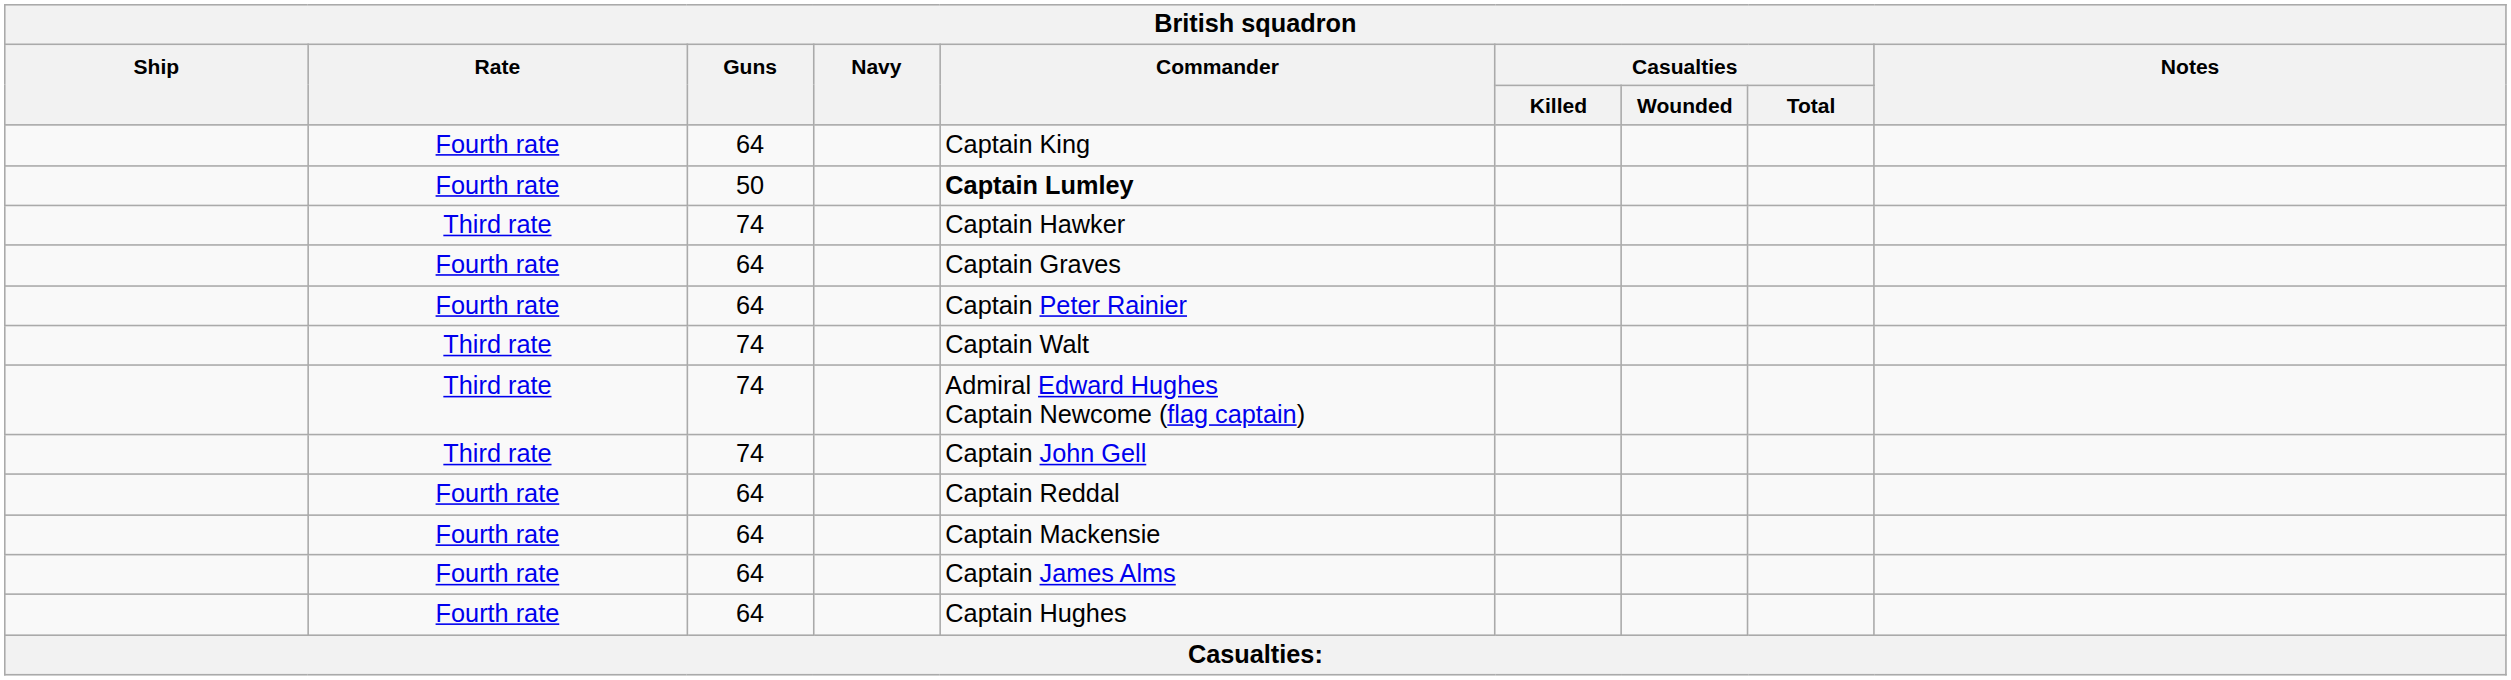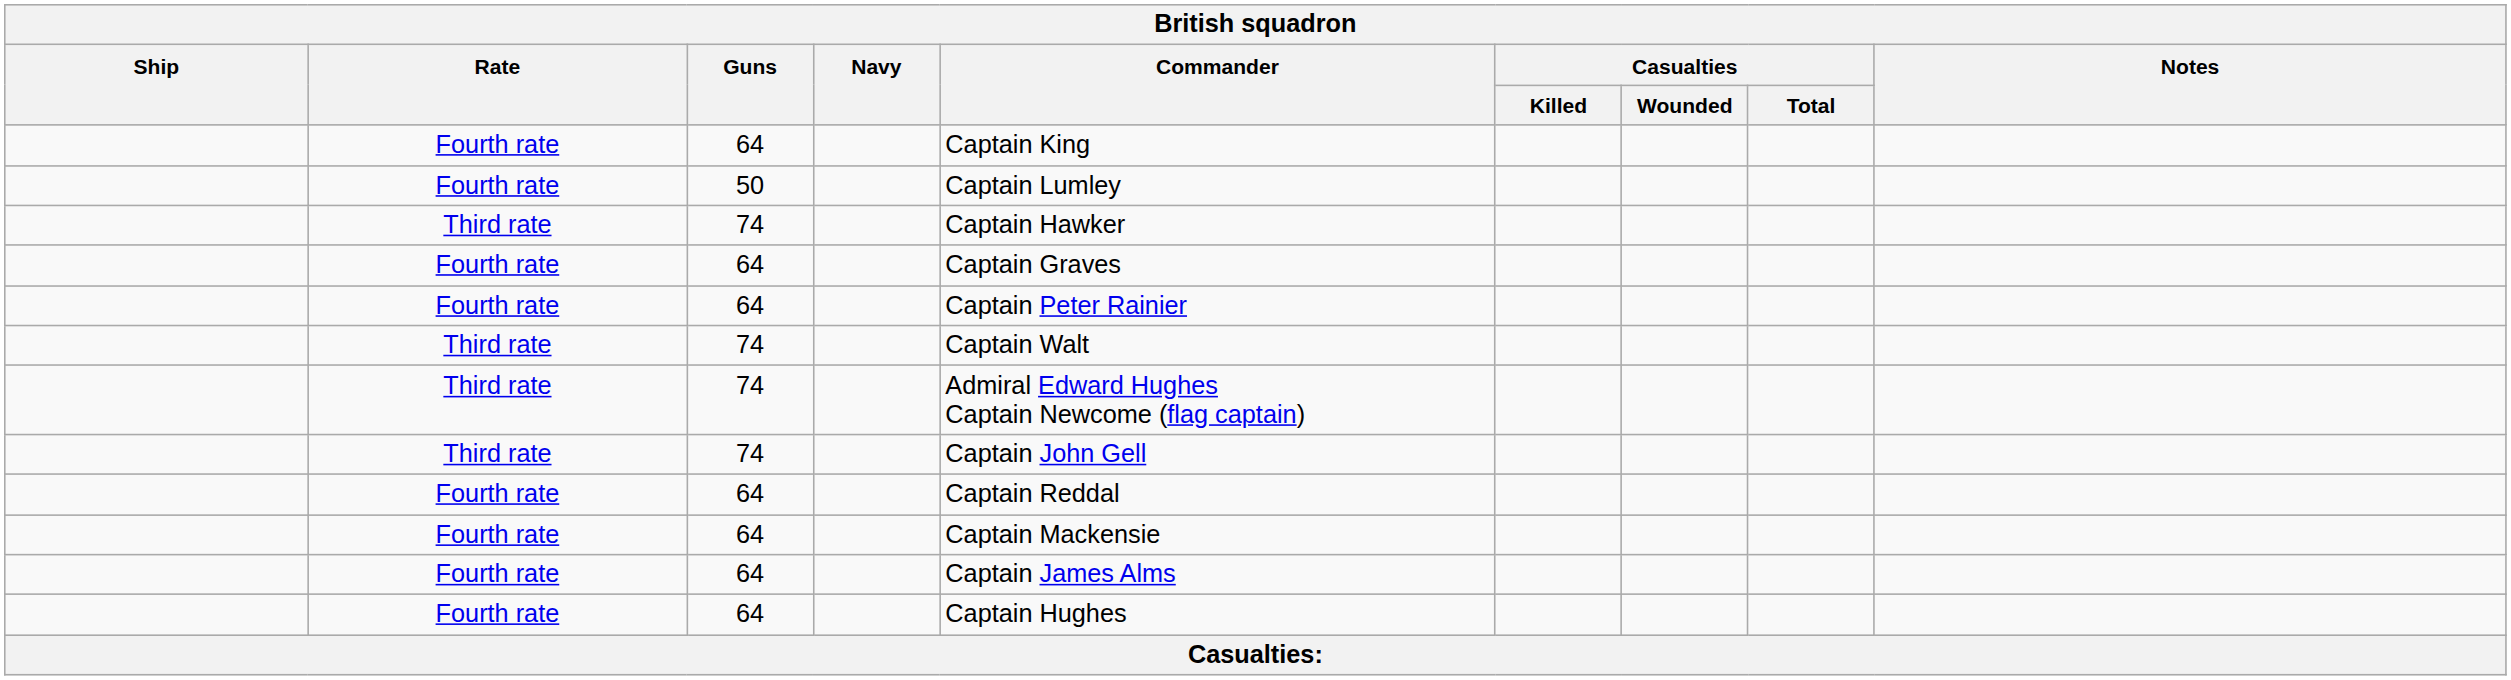 <table class="wikitable" border="1" style="width:100%;">
 <tr style="vertical-align:top;">
 <th colspan="11" bgcolor="white">British squadron</th>
 </tr>
 <tr valign="top"|- style="vertical-align:top;">
 <th width=12%; align= center rowspan=2><small> Ship </small></th>
 <th width=15%; align= center rowspan=2><small> Rate </small></th>
 <th width=5%; align= center rowspan=2><small> Guns </small></th>
 <th width=5%; align= center rowspan=2><small> Navy </small></th>
 <th width=22%; align= center rowspan=2><small> Commander </small></th>
 <th width=15%; align= center colspan=3><small>Casualties</small></th>
 <th width=25%; align= center rowspan=2><small>Notes</small></th>
 </tr>
 <tr style="vertical-align:top;">
 <th width=5%; align= center><small> Killed </small></th>
 <th width=5%; align= center><small> Wounded </small></th>
 <th width=5%; align= center><small> Total</small></th>
 </tr>
 <tr style="vertical-align:top;">
 <td align= left></td>
 <td align= center><a href='#'>Fourth rate</a></td>
 <td align= center>64</td>
 <td align= center></td>
 <td align= left>Captain King</td>
 <td align= right></td>
 <td align= right></td>
 <td align= right></td>
 <td align= left></td>
 </tr>
 <tr style="vertical-align:top;">
 <td align= left></td>
 <td align= center><a href='#'>Fourth rate</a></td>
 <td align= center>50</td>
 <td align= center></td>
-<td align= left><strong>Captain Lumley</strong></td>
+<td align= left>Captain Lumley</td>
 <td align= right></td>
 <td align= right></td>
 <td align= right></td>
 <td align= left></td>
 </tr>
 <tr style="vertical-align:top;">
 <td align= left></td>
 <td align= center><a href='#'>Third rate</a></td>
 <td align= center>74</td>
 <td align= center></td>
 <td align= left>Captain Hawker</td>
 <td align= right></td>
 <td align= right></td>
 <td align= right></td>
 <td align= left></td>
 </tr>
 <tr style="vertical-align:top;">
 <td align= left></td>
 <td align= center><a href='#'>Fourth rate</a></td>
 <td align= center>64</td>
 <td align= center></td>
 <td align= left>Captain Graves</td>
 <td align= right></td>
 <td align= right></td>
 <td align= right></td>
 <td align= left></td>
 </tr>
 <tr style="vertical-align:top;">
 <td align= left></td>
 <td align= center><a href='#'>Fourth rate</a></td>
 <td align= center>64</td>
 <td align= center></td>
 <td align= left>Captain <a href='#'>Peter Rainier</a></td>
 <td align= right></td>
 <td align= right></td>
 <td align= right></td>
 <td align= left></td>
 </tr>
 <tr style="vertical-align:top;">
 <td align= left></td>
 <td align= center><a href='#'>Third rate</a></td>
 <td align= center>74</td>
 <td align= center></td>
 <td align= left>Captain Walt</td>
 <td align= right></td>
 <td align= right></td>
 <td align= right></td>
 <td align= left></td>
 </tr>
 <tr style="vertical-align:top;">
 <td align= left></td>
 <td align= center><a href='#'>Third rate</a></td>
 <td align= center>74</td>
 <td align= center></td>
 <td align= left>Admiral <a href='#'>Edward Hughes</a> <br>Captain Newcome (<a href='#'>flag captain</a>)</td>
 <td align= right></td>
 <td align= right></td>
 <td align= right></td>
 <td align= left></td>
 </tr>
 <tr style="vertical-align:top;">
 <td align= left></td>
 <td align= center><a href='#'>Third rate</a></td>
 <td align= center>74</td>
 <td align= center></td>
 <td align= left>Captain <a href='#'>John Gell</a></td>
 <td align= right></td>
 <td align= right></td>
 <td align= right></td>
 <td align= left></td>
 </tr>
 <tr style="vertical-align:top;">
 <td align= left></td>
 <td align= center><a href='#'>Fourth rate</a></td>
 <td align= center>64</td>
 <td align= center></td>
 <td align= left>Captain Reddal</td>
 <td align= right></td>
 <td align= right></td>
 <td align= right></td>
 <td align= left></td>
 </tr>
 <tr style="vertical-align:top;">
 <td align= left></td>
 <td align= center><a href='#'>Fourth rate</a></td>
 <td align= center>64</td>
 <td align= center></td>
 <td align= left>Captain Mackensie</td>
 <td align= right></td>
 <td align= right></td>
 <td align= right></td>
 <td align= left></td>
 </tr>
 <tr style="vertical-align:top;">
 <td align= left></td>
 <td align= center><a href='#'>Fourth rate</a></td>
 <td align= center>64</td>
 <td align= center></td>
 <td align= left>Captain <a href='#'>James Alms</a></td>
 <td align= right></td>
 <td align= right></td>
 <td align= right></td>
 <td align= left></td>
 </tr>
 <tr style="vertical-align:top;">
 <td align= left></td>
 <td align= center><a href='#'>Fourth rate</a></td>
 <td align= center>64</td>
 <td align= center></td>
 <td align= left>Captain Hughes</td>
 <td align= right></td>
 <td align= right></td>
 <td align= right></td>
 <td align= left></td>
 </tr>
 <tr style="vertical-align:top;">
 <th colspan="11" bgcolor="white">Casualties:</th>
 </tr>
 </table>
